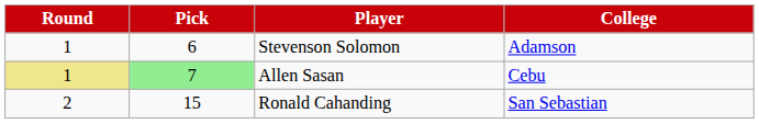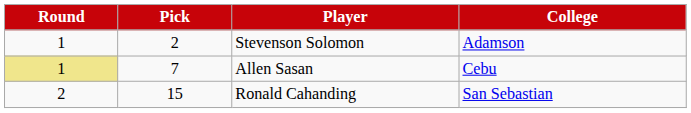 <table class="wikitable sortable sortable">
 <tr>
 <th width="10%" style="background:#C70309; color:#FFFFFF; ">Round</th>
 <th width="10%" style="background:#C70309; color:#FFFFFF; ">Pick</th>
 <th width="20%" style="background:#C70309; color:#FFFFFF; ">Player</th>
 <th width="20%" style="background:#C70309; color:#FFFFFF; ">College</th>
 </tr>
 <tr>
 <td align="center">1</td>
-<td align="center">6</td>
+<td align="center">2</td>
 <td>Stevenson Solomon</td>
 <td><a href='#'>Adamson</a></td>
 </tr>
 <tr>
 <td align="center" style="background: khaki;">1</td>
-<td align="center" style="background: lightgreen;">7</td>
+<td align="center">7</td>
 <td>Allen Sasan</td>
 <td><a href='#'>Cebu</a></td>
 </tr>
 <tr>
 <td align="center">2</td>
 <td align="center">15</td>
 <td>Ronald Cahanding</td>
 <td><a href='#'>San Sebastian</a></td>
 </tr>
 </table>
